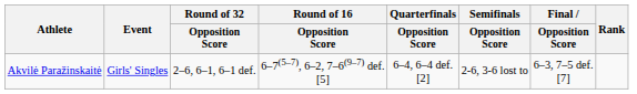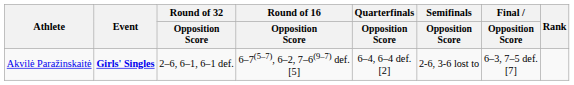 <table class=wikitable style="font-size:90%">
 <tr>
 <th rowspan="2">Athlete</th>
 <th rowspan="2">Event</th>
 <th>Round of 32</th>
 <th>Round of 16</th>
 <th>Quarterfinals</th>
 <th>Semifinals</th>
 <th>Final / </th>
 <th rowspan=2>Rank</th>
 </tr>
 <tr style="font-size:95%">
 <th>Opposition<br>Score</th>
 <th>Opposition<br>Score</th>
 <th>Opposition<br>Score</th>
 <th>Opposition<br>Score</th>
 <th>Opposition<br>Score</th>
 </tr>
 <tr align=center>
 <td align=left><a href='#'>Akvilė Paražinskaitė</a></td>
-<td align=left><a href='#'>Girls' Singles</a></td>
+<td align=left><strong><a href='#'>Girls' Singles</a></strong></td>
 <td>2–6, 6–1, 6–1 def. <br></td>
 <td>6–7<sup>(5–7)</sup>, 6–2, 7–6<sup>(9–7)</sup> def. <br> [5]</td>
 <td>6–4, 6–4 def. <br> [2]</td>
 <td>2-6, 3-6 lost to <br> </td>
 <td>6–3, 7–5 def. <br> [7]</td>
 <td></td>
 </tr>
 </table>
